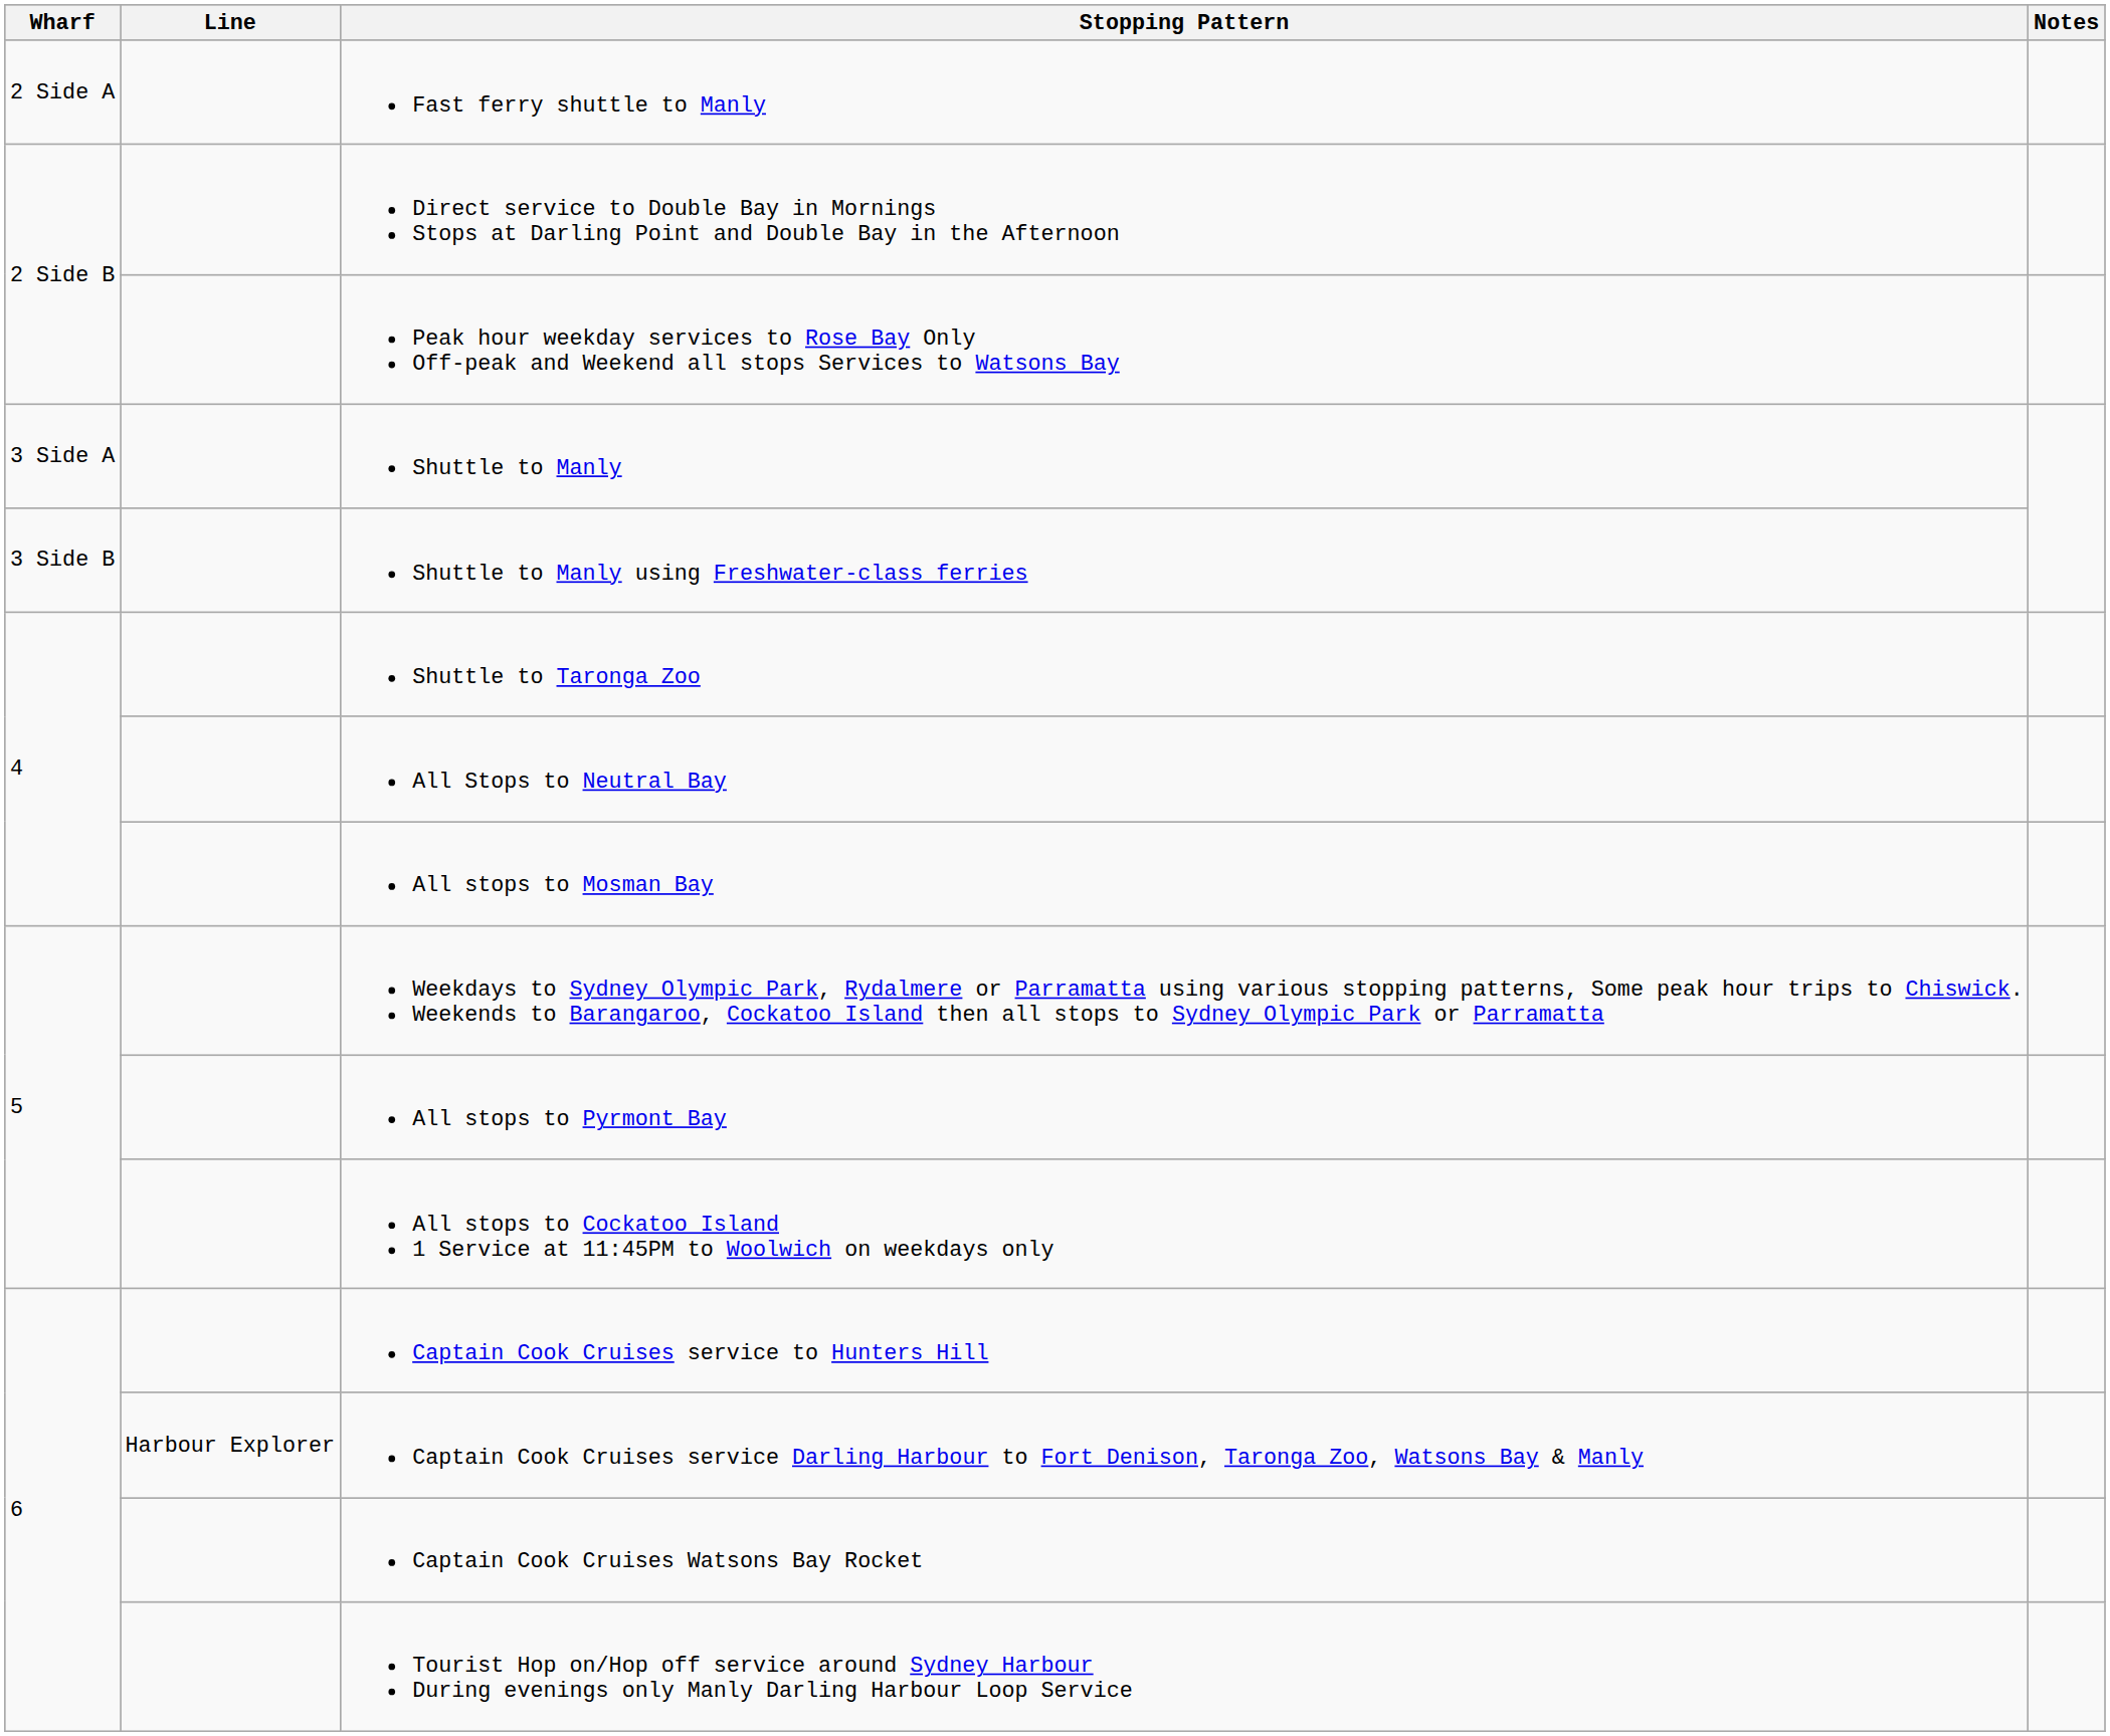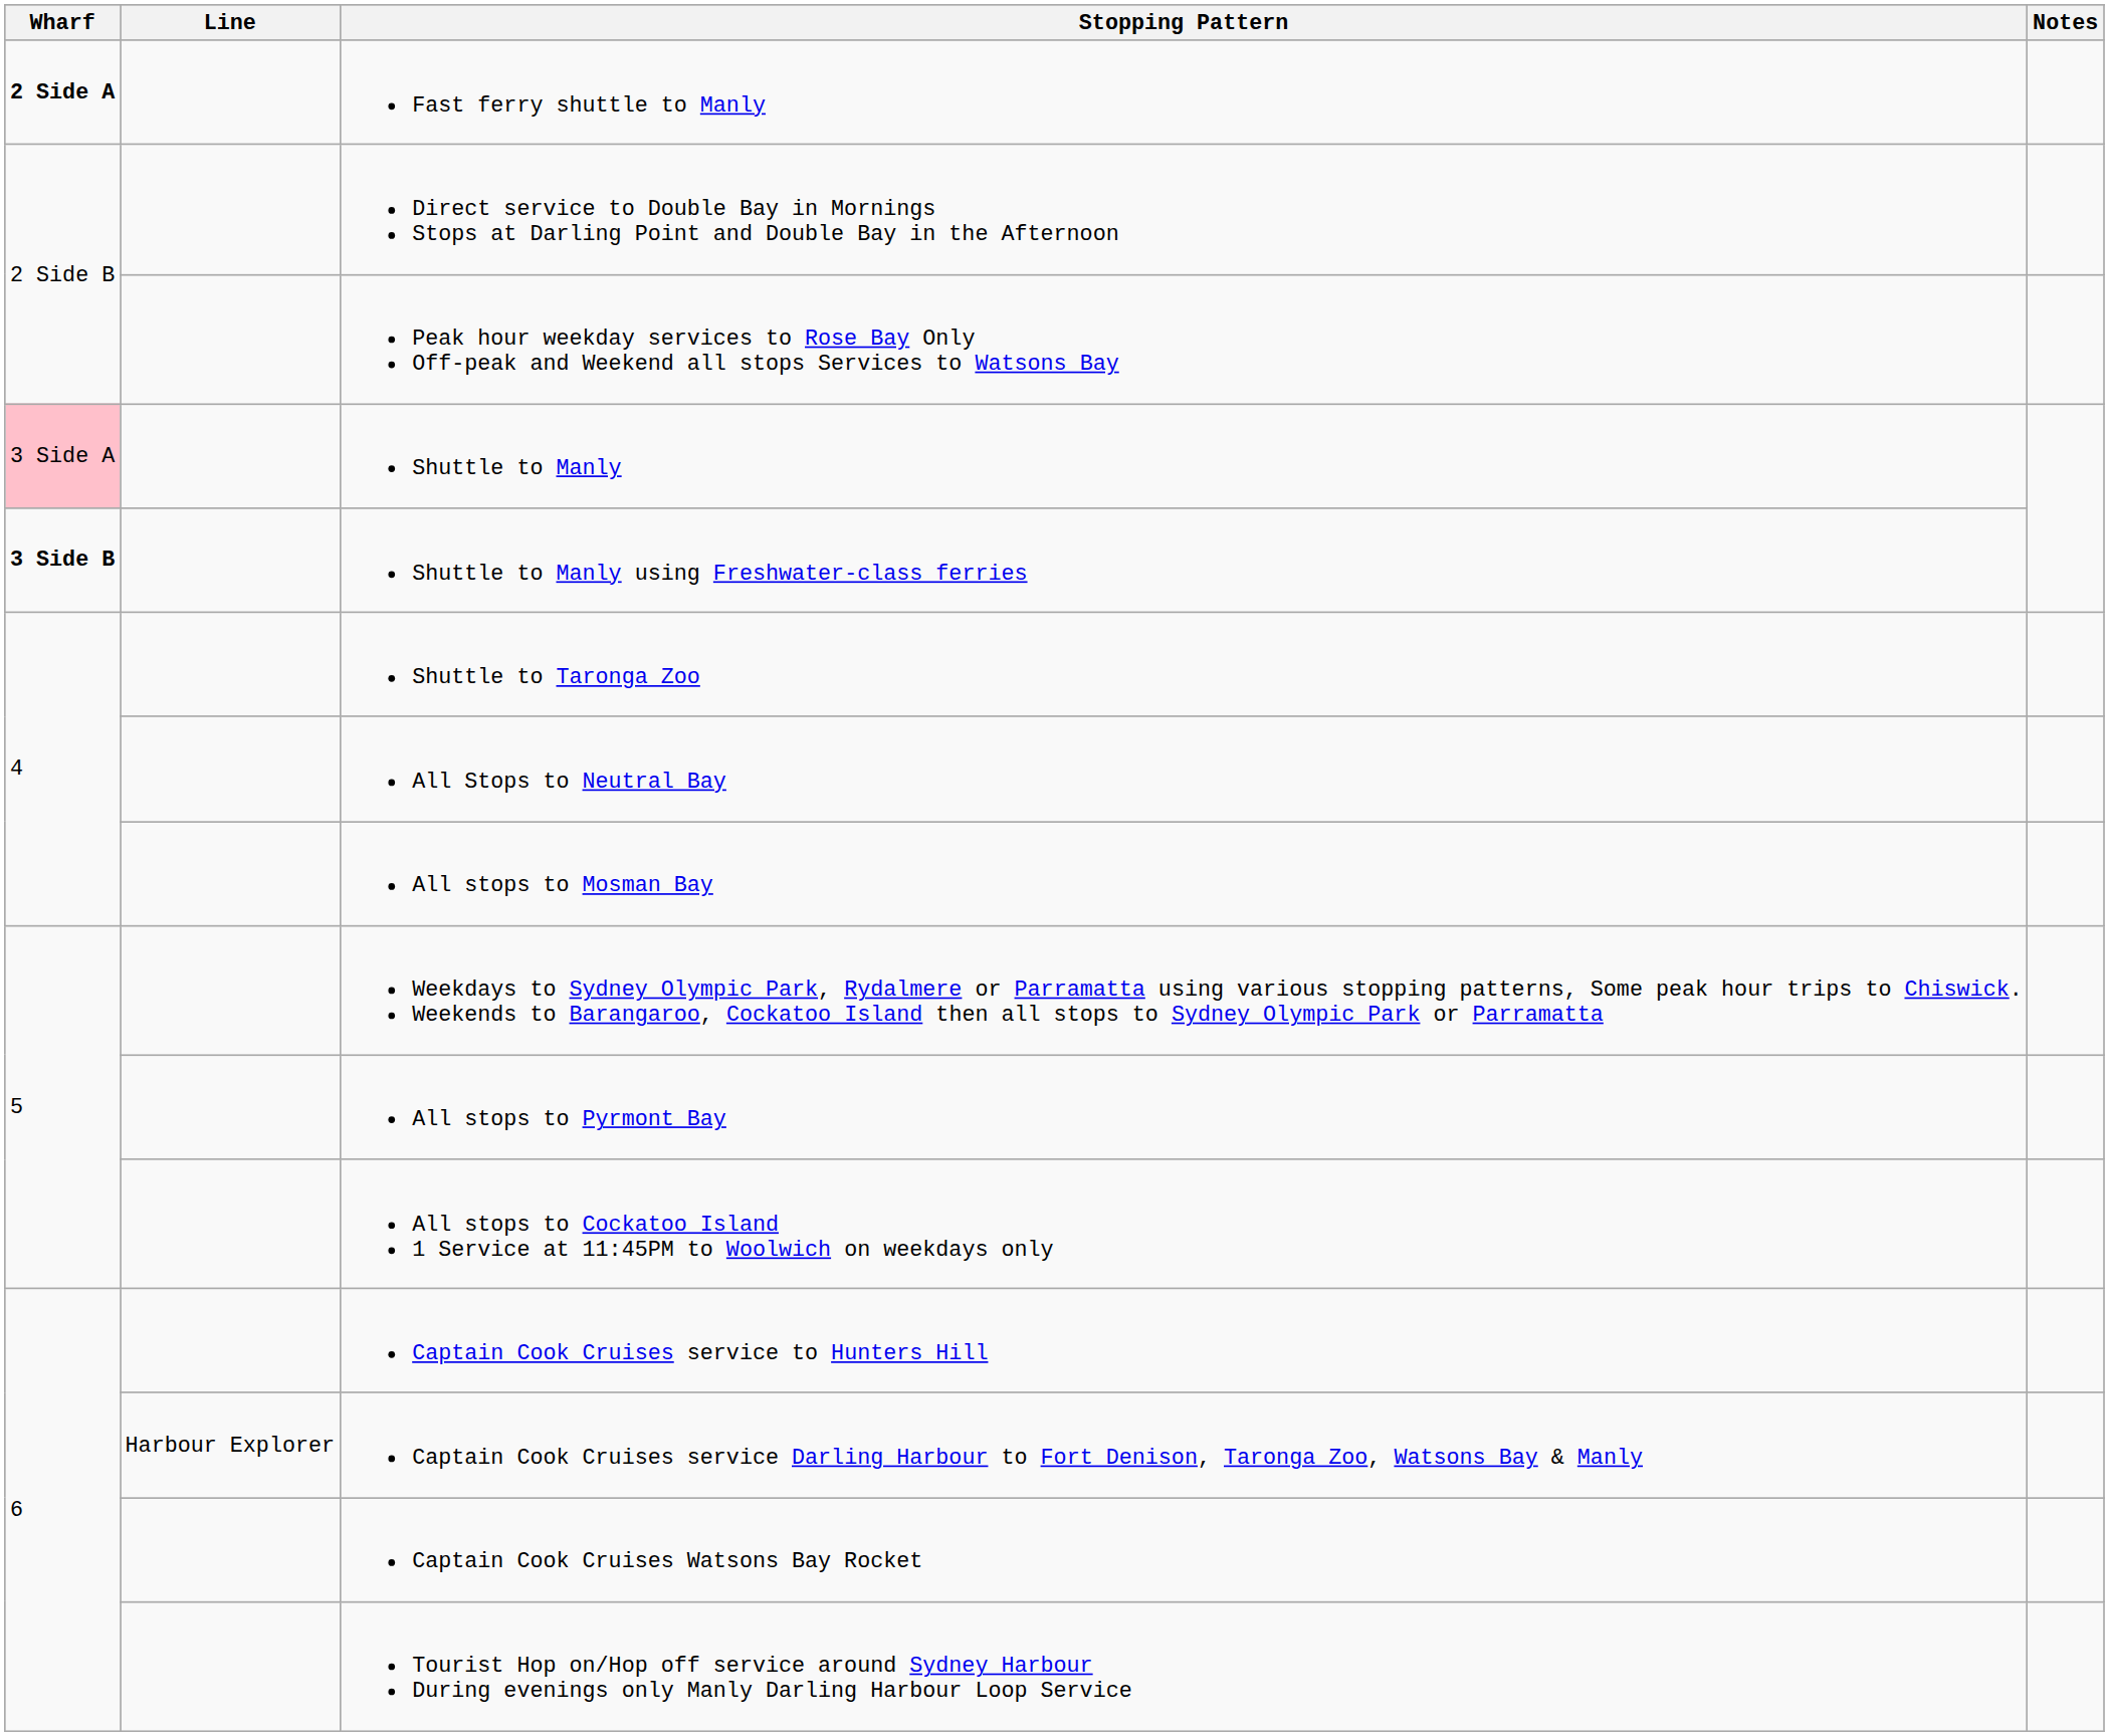 <table class="wikitable">
 <tr>
 <th>Wharf</th>
 <th>Line</th>
 <th>Stopping Pattern</th>
 <th>Notes</th>
 </tr>
 <tr>
-<td>2 Side A</td>
+<td><strong>2 Side A</strong></td>
 <td></td>
 <td><br><ul><li>Fast ferry shuttle to <a href='#'>Manly</a></li></ul></td>
 <td></td>
 </tr>
 <tr>
 <td rowspan="2">2 Side B</td>
 <td></td>
 <td><br><ul><li>Direct service to Double Bay in Mornings</li><li>Stops at Darling Point and Double Bay in the Afternoon</li></ul></td>
 <td></td>
 </tr>
 <tr>
 <td></td>
 <td><br><ul><li>Peak hour weekday services to <a href='#'>Rose Bay</a> Only</li><li>Off-peak and Weekend all stops Services to <a href='#'>Watsons Bay</a></li></ul></td>
 <td></td>
 </tr>
 <tr>
-<td>3 Side A</td>
+<td style="background: pink;">3 Side A</td>
 <td></td>
 <td><br><ul><li>Shuttle to <a href='#'>Manly</a></li></ul></td>
 <td rowspan="2"></td>
 </tr>
 <tr>
-<td>3 Side B</td>
+<td><strong>3 Side B</strong></td>
 <td></td>
 <td><br><ul><li>Shuttle to <a href='#'>Manly</a> using <a href='#'>Freshwater-class ferries</a></li></ul></td>
 </tr>
 <tr>
 <td rowspan="3">4</td>
 <td></td>
 <td><br><ul><li>Shuttle to <a href='#'>Taronga Zoo</a></li></ul></td>
 <td></td>
 </tr>
 <tr>
 <td></td>
 <td><br><ul><li>All Stops to <a href='#'>Neutral Bay</a></li></ul></td>
 <td></td>
 </tr>
 <tr>
 <td></td>
 <td><br><ul><li>All stops to <a href='#'>Mosman Bay</a></li></ul></td>
 <td></td>
 </tr>
 <tr>
 <td rowspan="3">5</td>
 <td></td>
 <td><br><ul><li>Weekdays to <a href='#'>Sydney Olympic Park</a>, <a href='#'>Rydalmere</a> or <a href='#'>Parramatta</a> using various stopping patterns, Some peak hour trips to <a href='#'>Chiswick</a>.</li><li>Weekends to <a href='#'>Barangaroo</a>, <a href='#'>Cockatoo Island</a> then all stops to <a href='#'>Sydney Olympic Park</a> or <a href='#'>Parramatta</a></li></ul></td>
 <td></td>
 </tr>
 <tr>
 <td></td>
 <td><br><ul><li>All stops to <a href='#'>Pyrmont Bay</a></li></ul></td>
 <td></td>
 </tr>
 <tr>
 <td></td>
 <td><br><ul><li>All stops to <a href='#'>Cockatoo Island</a></li><li>1 Service at 11:45PM to <a href='#'>Woolwich</a> on weekdays only</li></ul></td>
 <td></td>
 </tr>
 <tr>
 <td rowspan="4">6</td>
 <td></td>
 <td><br><ul><li><a href='#'>Captain Cook Cruises</a> service to <a href='#'>Hunters Hill</a></li></ul></td>
 <td></td>
 </tr>
 <tr>
 <td>Harbour Explorer</td>
 <td><br><ul><li>Captain Cook Cruises service <a href='#'>Darling Harbour</a> to <a href='#'>Fort Denison</a>, <a href='#'>Taronga Zoo</a>, <a href='#'>Watsons Bay</a> & <a href='#'>Manly</a></li></ul></td>
 <td></td>
 </tr>
 <tr>
 <td></td>
 <td><br><ul><li>Captain Cook Cruises Watsons Bay Rocket</li></ul></td>
 <td></td>
 </tr>
 <tr>
 <td></td>
 <td><br><ul><li>Tourist Hop on/Hop off service around <a href='#'>Sydney Harbour</a></li><li>During evenings only Manly Darling Harbour Loop Service</li></ul></td>
 <td></td>
 </tr>
 </table>
